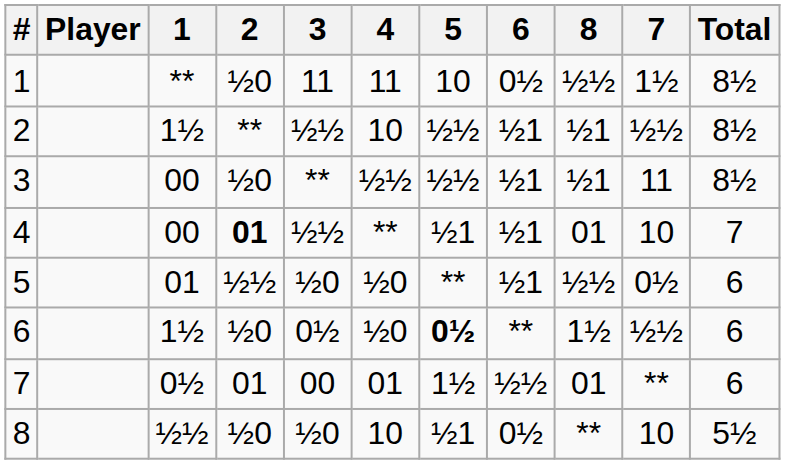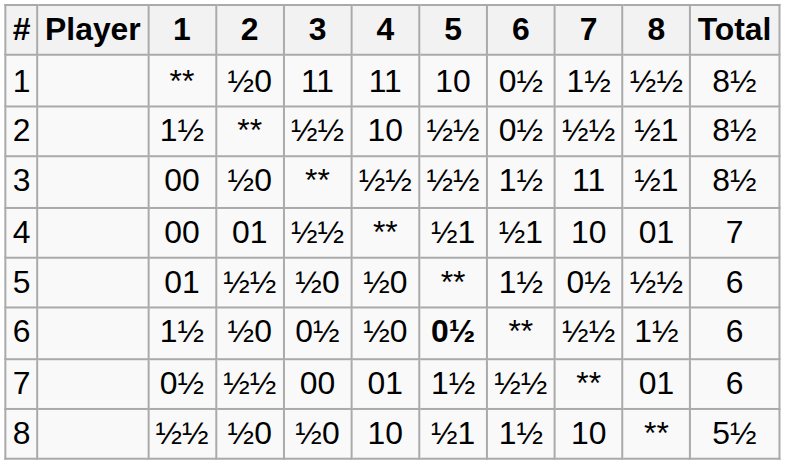 <table class="wikitable" style="text-align: center; margin: 0em 4em">
 <tr>
 <th>#</th>
 <th>Player</th>
 <th>1</th>
 <th>2</th>
 <th>3</th>
 <th>4</th>
 <th>5</th>
 <th>6</th>
+<th>7</th>
 <th>8</th>
-<th>7</th>
 <th>Total</th>
 </tr>
 <tr>
 <td>1</td>
 <td align=left></td>
 <td>**</td>
 <td>½0</td>
 <td>11</td>
 <td>11</td>
 <td>10</td>
 <td>0½</td>
+<td>1½</td>
 <td>½½</td>
-<td>1½</td>
 <td>8½</td>
 </tr>
 <tr>
 <td>2</td>
 <td align=left></td>
 <td>1½</td>
 <td>**</td>
 <td>½½</td>
 <td>10</td>
 <td>½½</td>
+<td>0½</td>
+<td>½½</td>
 <td>½1</td>
-<td>½1</td>
-<td>½½</td>
 <td>8½</td>
 </tr>
 <tr>
 <td>3</td>
 <td align=left></td>
 <td>00</td>
 <td>½0</td>
 <td>**</td>
 <td>½½</td>
 <td>½½</td>
+<td>1½</td>
+<td>11</td>
 <td>½1</td>
-<td>½1</td>
-<td>11</td>
 <td>8½</td>
 </tr>
 <tr>
 <td>4</td>
 <td align=left></td>
 <td>00</td>
-<td><strong>01</strong></td>
+<td>01</td>
 <td>½½</td>
 <td>**</td>
 <td>½1</td>
 <td>½1</td>
+<td>10</td>
 <td>01</td>
-<td>10</td>
 <td>7</td>
 </tr>
 <tr>
 <td>5</td>
 <td align=left></td>
 <td>01</td>
 <td>½½</td>
 <td>½0</td>
 <td>½0</td>
 <td>**</td>
-<td>½1</td>
+<td>1½</td>
+<td>0½</td>
 <td>½½</td>
-<td>0½</td>
 <td>6</td>
 </tr>
 <tr>
 <td>6</td>
 <td align=left></td>
 <td>1½</td>
 <td>½0</td>
 <td>0½</td>
 <td>½0</td>
 <td><strong>0½</strong></td>
 <td>**</td>
+<td>½½</td>
 <td>1½</td>
-<td>½½</td>
 <td>6</td>
 </tr>
 <tr>
 <td>7</td>
 <td align=left></td>
 <td>0½</td>
-<td>01</td>
+<td>½½</td>
 <td>00</td>
 <td>01</td>
 <td>1½</td>
 <td>½½</td>
+<td>**</td>
 <td>01</td>
-<td>**</td>
 <td>6</td>
 </tr>
 <tr>
 <td>8</td>
 <td align=left></td>
 <td>½½</td>
 <td>½0</td>
 <td>½0</td>
 <td>10</td>
 <td>½1</td>
-<td>0½</td>
+<td>1½</td>
+<td>10</td>
 <td>**</td>
-<td>10</td>
 <td>5½</td>
 </tr>
 </table>
